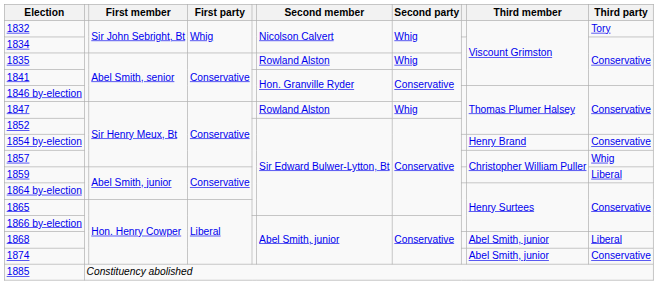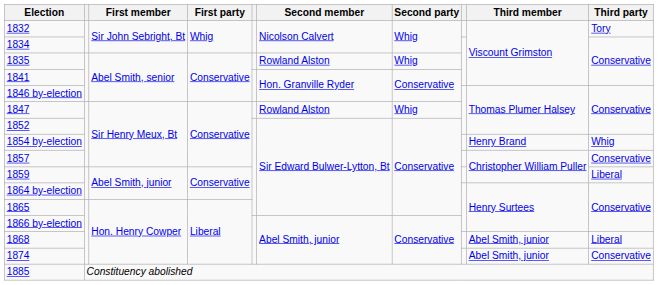 <table class="wikitable">
 <tr>
 <th>Election</th>
 <th></th>
 <th>First member</th>
 <th>First party</th>
 <th></th>
 <th>Second member</th>
 <th>Second party</th>
 <th></th>
 <th>Third member</th>
 <th>Third party</th>
 </tr>
 <tr>
 <td><a href='#'>1832</a></td>
 <td rowspan="2" style="color:inherit;background-color: "></td>
 <td rowspan="2"><a href='#'>Sir John Sebright, Bt</a></td>
 <td rowspan="2"><a href='#'>Whig</a></td>
 <td rowspan="2" style="color:inherit;background-color: "></td>
 <td rowspan="2"><a href='#'>Nicolson Calvert</a></td>
 <td rowspan="2"><a href='#'>Whig</a></td>
 <td style="color:inherit;background-color: "></td>
 <td rowspan="4"><a href='#'>Viscount Grimston</a></td>
 <td><a href='#'>Tory</a></td>
 </tr>
 <tr>
 <td><a href='#'>1834</a></td>
 <td rowspan="3" style="color:inherit;background-color: "></td>
 <td rowspan="3"><a href='#'>Conservative</a></td>
 </tr>
 <tr>
 <td><a href='#'>1835</a></td>
 <td rowspan="3" style="color:inherit;background-color: "></td>
 <td rowspan="3"><a href='#'>Abel Smith, senior</a></td>
 <td rowspan="3"><a href='#'>Conservative</a></td>
 <td style="color:inherit;background-color: "></td>
 <td><a href='#'>Rowland Alston</a></td>
 <td><a href='#'>Whig</a></td>
 </tr>
 <tr>
 <td><a href='#'>1841</a></td>
 <td rowspan="2" style="color:inherit;background-color: "></td>
 <td rowspan="2"><a href='#'>Hon. Granville Ryder</a></td>
 <td rowspan="2"><a href='#'>Conservative</a></td>
 </tr>
 <tr>
 <td><a href='#'>1846 by-election</a></td>
 <td rowspan="3" style="color:inherit;background-color: "></td>
 <td rowspan="3"><a href='#'>Thomas Plumer Halsey</a></td>
 <td rowspan="3"><a href='#'>Conservative</a></td>
 </tr>
 <tr>
 <td><a href='#'>1847</a></td>
 <td rowspan="4" style="color:inherit;background-color: "></td>
 <td rowspan="4"><a href='#'>Sir Henry Meux, Bt</a></td>
 <td rowspan="4"><a href='#'>Conservative</a></td>
 <td style="color:inherit;background-color: "></td>
 <td><a href='#'>Rowland Alston</a></td>
 <td><a href='#'>Whig</a></td>
 </tr>
 <tr>
 <td><a href='#'>1852</a></td>
 <td rowspan="6" style="color:inherit;background-color: "></td>
 <td rowspan="6"><a href='#'>Sir Edward Bulwer-Lytton, Bt</a></td>
 <td rowspan="6"><a href='#'>Conservative</a></td>
 </tr>
 <tr>
 <td><a href='#'>1854 by-election</a></td>
 <td style="color:inherit;background-color: "></td>
 <td><a href='#'>Henry Brand</a></td>
-<td><a href='#'>Conservative</a></td>
+<td><a href='#'>Whig</a></td>
 </tr>
 <tr>
 <td><a href='#'>1857</a></td>
 <td style="color:inherit;background-color: "></td>
 <td rowspan="2"><a href='#'>Christopher William Puller</a></td>
-<td><a href='#'>Whig</a></td>
+<td><a href='#'>Conservative</a></td>
 </tr>
 <tr>
 <td><a href='#'>1859</a></td>
 <td rowspan="2" style="color:inherit;background-color: "></td>
 <td rowspan="2"><a href='#'>Abel Smith, junior</a></td>
 <td rowspan="2"><a href='#'>Conservative</a></td>
 <td style="color:inherit;background-color: "></td>
 <td><a href='#'>Liberal</a></td>
 </tr>
 <tr>
 <td><a href='#'>1864 by-election</a></td>
 <td rowspan="3" style="color:inherit;background-color: "></td>
 <td rowspan="3"><a href='#'>Henry Surtees</a></td>
 <td rowspan="3"><a href='#'>Conservative</a></td>
 </tr>
 <tr>
 <td><a href='#'>1865</a></td>
 <td rowspan="4" style="color:inherit;background-color: "></td>
 <td rowspan="4"><a href='#'>Hon. Henry Cowper</a></td>
 <td rowspan="4"><a href='#'>Liberal</a></td>
 </tr>
 <tr>
 <td><a href='#'>1866 by-election</a></td>
 <td rowspan="3" style="color:inherit;background-color: "></td>
 <td rowspan="3"><a href='#'>Abel Smith, junior</a></td>
 <td rowspan="3"><a href='#'>Conservative</a></td>
 </tr>
 <tr>
 <td><a href='#'>1868</a></td>
 <td style="color:inherit;background-color: "></td>
 <td><a href='#'>Abel Smith, junior</a></td>
 <td><a href='#'>Liberal</a></td>
 </tr>
 <tr>
 <td><a href='#'>1874</a></td>
 <td style="color:inherit;background-color: "></td>
 <td><a href='#'>Abel Smith, junior</a></td>
 <td><a href='#'>Conservative</a></td>
 </tr>
 <tr>
 <td><a href='#'>1885</a></td>
 <td colspan="9"><em>Constituency abolished</em></td>
 </tr>
 </table>
